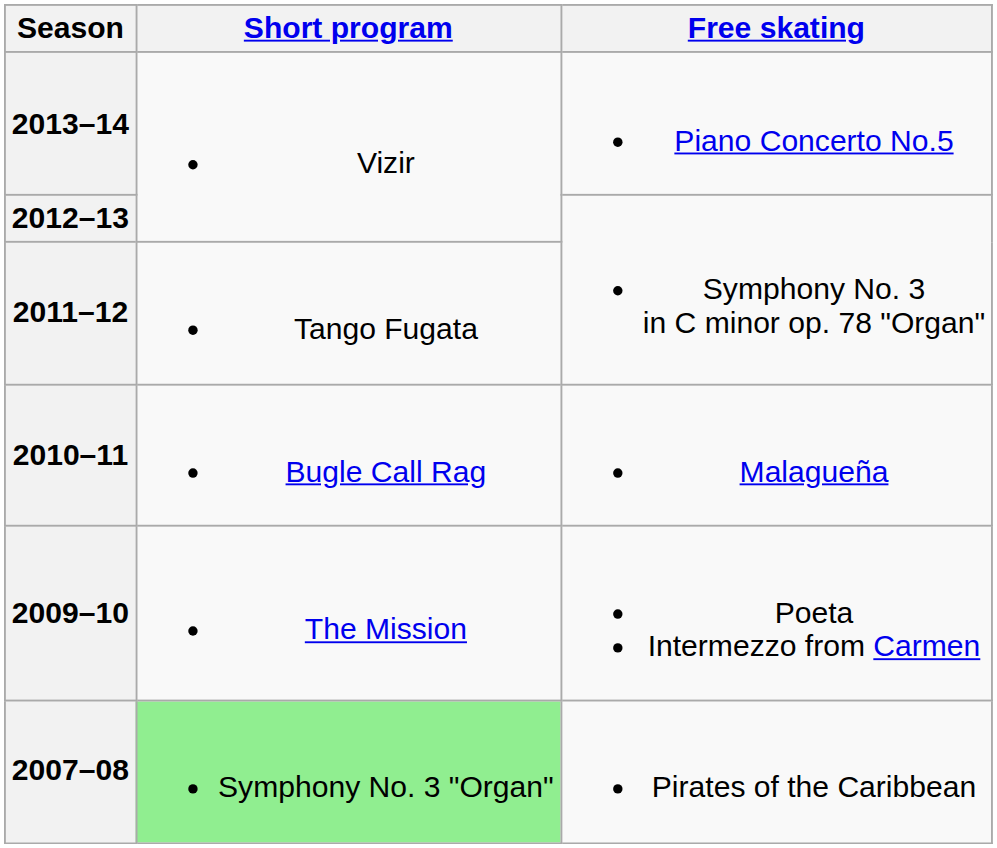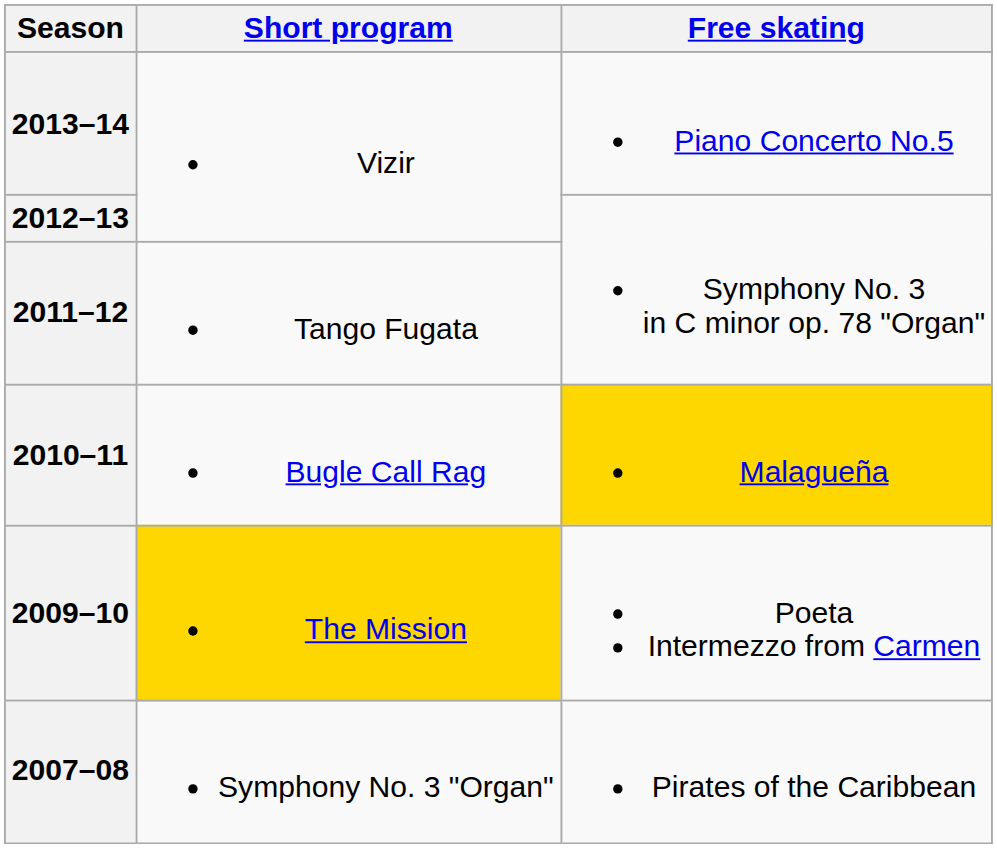 <table class="wikitable" style="text-align:center">
 <tr>
 <th>Season</th>
 <th><a href='#'>Short program</a></th>
 <th><a href='#'>Free skating</a></th>
 </tr>
 <tr>
 <th>2013–14</th>
 <td rowspan=2><br><ul><li>Vizir <br></li></ul></td>
 <td><br><ul><li><a href='#'>Piano Concerto No.5</a> <br></li></ul></td>
 </tr>
 <tr>
 <th>2012–13 <br> </th>
 <td rowspan=2><br><ul><li>Symphony No. 3 <br> in C minor op. 78 "Organ" <br></li></ul></td>
 </tr>
 <tr>
 <th>2011–12</th>
 <td><br><ul><li>Tango Fugata <br></li></ul></td>
 </tr>
 <tr>
 <th>2010–11 <br> </th>
 <td><br><ul><li><a href='#'>Bugle Call Rag</a></li></ul></td>
-<td><br><ul><li><a href='#'>Malagueña</a> <br></li></ul></td>
+<td style="background: gold;"><br><ul><li><a href='#'>Malagueña</a> <br></li></ul></td>
 </tr>
 <tr>
 <th>2009–10</th>
-<td><br><ul><li><a href='#'>The Mission</a> <br></li></ul></td>
+<td style="background: gold;"><br><ul><li><a href='#'>The Mission</a> <br></li></ul></td>
 <td><br><ul><li>Poeta <br></li><li>Intermezzo from <a href='#'>Carmen</a> <br></li></ul></td>
 </tr>
 <tr>
 <th>2007–08 <br> </th>
-<td style="background: lightgreen;"><br><ul><li>Symphony No. 3 "Organ" <br></li></ul></td>
+<td><br><ul><li>Symphony No. 3 "Organ" <br></li></ul></td>
 <td><br><ul><li>Pirates of the Caribbean <br></li></ul></td>
 </tr>
 </table>
